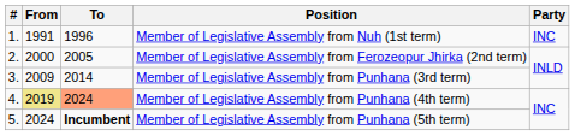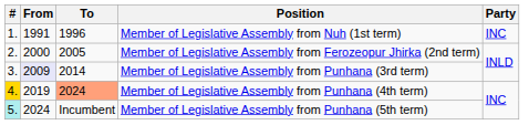 <table class="wikitable sortable">
 <tr>
 <th>#</th>
 <th>From</th>
 <th>To</th>
 <th>Position</th>
 <th>Party</th>
 </tr>
 <tr>
 <td>1.</td>
 <td>1991</td>
 <td>1996</td>
 <td><a href='#'>Member of Legislative Assembly</a> from <a href='#'>Nuh</a> (1st term)</td>
 <td><a href='#'>INC</a></td>
 </tr>
 <tr>
 <td>2.</td>
 <td>2000</td>
 <td>2005</td>
 <td><a href='#'>Member of Legislative Assembly</a> from <a href='#'>Ferozeopur Jhirka</a> (2nd term)</td>
 <td rowspan="2"><a href='#'>INLD</a></td>
 </tr>
 <tr>
 <td>3.</td>
-<td>2009</td>
+<td style="background: lavender;">2009</td>
 <td>2014</td>
 <td><a href='#'>Member of Legislative Assembly</a> from <a href='#'>Punhana</a> (3rd term)</td>
 </tr>
 <tr>
-<td>4.</td>
-<td style="background: khaki;">2019</td>
+<td style="background: gold;">4.</td>
+<td>2019</td>
 <td style="background: lightsalmon;">2024</td>
 <td><a href='#'>Member of Legislative Assembly</a> from <a href='#'>Punhana</a> (4th term)</td>
 <td rowspan="2"><a href='#'>INC</a></td>
 </tr>
 <tr>
-<td>5.</td>
+<td style="background: paleturquoise;">5.</td>
 <td>2024</td>
-<td><strong>Incumbent</strong></td>
+<td>Incumbent</td>
 <td><a href='#'>Member of Legislative Assembly</a> from <a href='#'>Punhana</a> (5th term)</td>
 </tr>
 </table>
